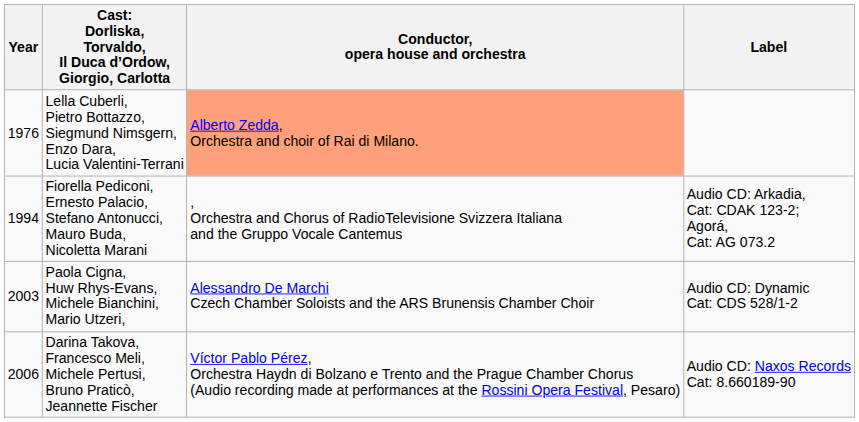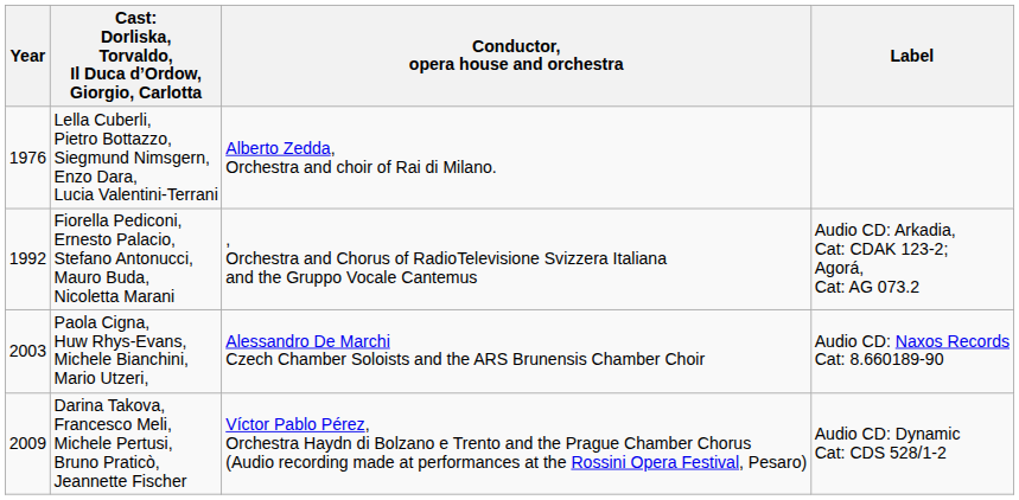 <table class="wikitable">
 <tr>
 <th>Year</th>
 <th>Cast:<br> Dorliska,<br>Torvaldo,<br>Il Duca d’Ordow,<br>Giorgio, Carlotta</th>
 <th>Conductor,<br>opera house and orchestra</th>
 <th>Label</th>
 </tr>
 <tr>
 <td>1976</td>
 <td>Lella Cuberli,<br>Pietro Bottazzo,<br>Siegmund Nimsgern,<br>Enzo Dara,<br>Lucia Valentini-Terrani</td>
-<td style="background: lightsalmon;"><a href='#'>Alberto Zedda</a>,<br>Orchestra and choir of Rai di Milano.</td>
+<td><a href='#'>Alberto Zedda</a>,<br>Orchestra and choir of Rai di Milano.</td>
 </tr>
 <tr>
-<td>1994</td>
+<td>1992</td>
 <td>Fiorella Pediconi,<br>Ernesto Palacio,<br>Stefano Antonucci,<br>Mauro Buda,<br>Nicoletta Marani</td>
 <td>,<br>Orchestra and Chorus of RadioTelevisione Svizzera Italiana<br>and the Gruppo Vocale Cantemus</td>
 <td>Audio CD: Arkadia,<br>Cat: CDAK 123-2;<br>Agorá,<br>Cat: AG 073.2</td>
 </tr>
 <tr>
 <td>2003</td>
 <td>Paola Cigna,<br>Huw Rhys-Evans,<br>Michele Bianchini,<br>Mario Utzeri,<br></td>
 <td><a href='#'>Alessandro De Marchi</a><br>Czech Chamber Soloists and the ARS Brunensis Chamber Choir</td>
+<td>Audio CD: <a href='#'>Naxos Records</a><br>Cat: 8.660189-90</td>
+</tr>
+<tr>
+<td>2009</td>
+<td>Darina Takova,<br>Francesco Meli,<br>Michele Pertusi,<br>Bruno Praticò,<br>Jeannette Fischer</td>
+<td><a href='#'>Víctor Pablo Pérez</a>,<br>Orchestra Haydn di Bolzano e Trento and the Prague Chamber Chorus<br>(Audio recording made at performances at the <a href='#'>Rossini Opera Festival</a>, Pesaro)</td>
 <td>Audio CD: Dynamic<br>Cat: CDS 528/1-2</td>
 </tr>
-<tr>
-<td>2006</td>
-<td>Darina Takova,<br>Francesco Meli,<br>Michele Pertusi,<br>Bruno Praticò,<br>Jeannette Fischer</td>
-<td><a href='#'>Víctor Pablo Pérez</a>,<br>Orchestra Haydn di Bolzano e Trento and the Prague Chamber Chorus<br>(Audio recording made at performances at the <a href='#'>Rossini Opera Festival</a>, Pesaro)</td>
-<td>Audio CD: <a href='#'>Naxos Records</a><br>Cat: 8.660189-90</td>
-</tr>
 </table>
